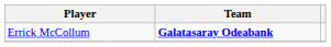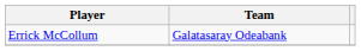 <table class="wikitable" style="text-align: center;">
 <tr>
 <th style="width:200px;">Player</th>
 <th style="width:220px;">Team</th>
 <th></th>
 </tr>
 <tr>
 <td align="left"> <a href='#'>Errick McCollum</a></td>
-<td align="left"><strong> <a href='#'>Galatasaray Odeabank</a></strong></td>
+<td align="left"> <a href='#'>Galatasaray Odeabank</a></td>
 <td></td>
 </tr>
 <tr>
 </tr>
 </table>
